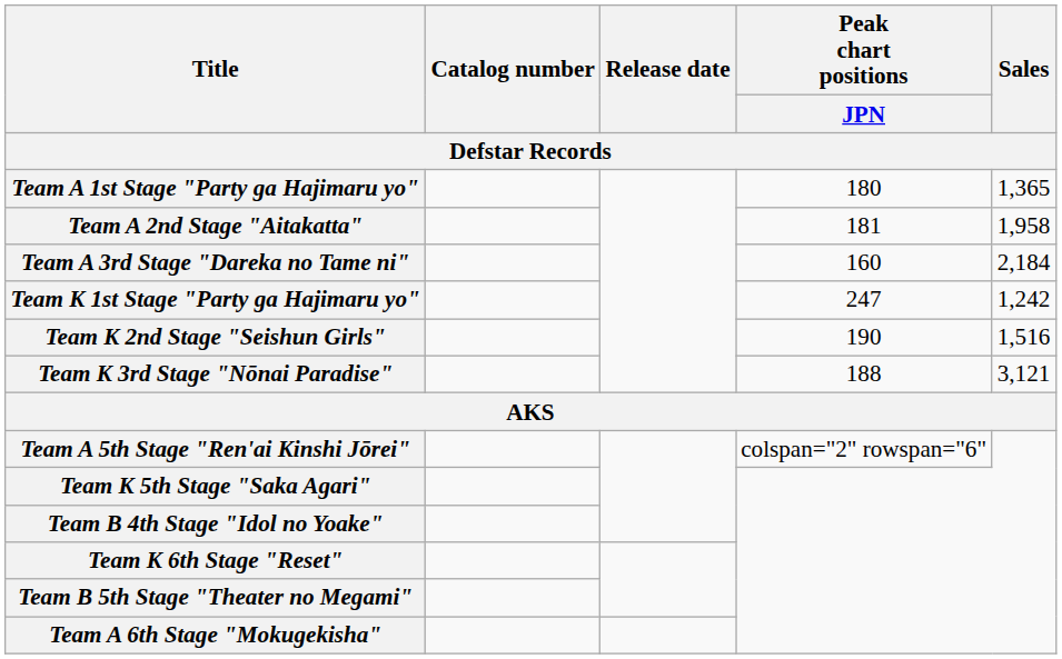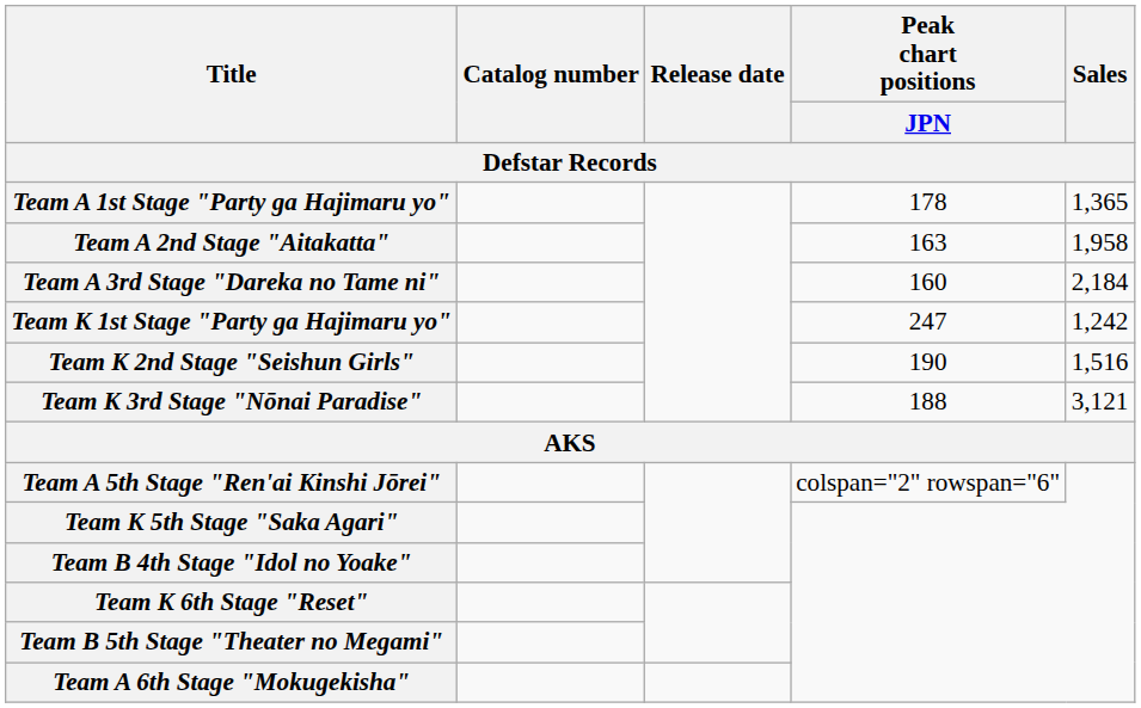 <table class="wikitable plainrowheaders" style="text-align:center;">
 <tr>
 <th rowspan="2">Title</th>
 <th rowspan="2">Catalog number</th>
 <th rowspan="2">Release date</th>
 <th>Peak<br>chart<br>positions</th>
 <th rowspan="2">Sales</th>
 </tr>
 <tr>
 <th><a href='#'>JPN</a></th>
 </tr>
 <tr>
 <th colspan="5">Defstar Records</th>
 </tr>
 <tr>
 <th scope="row"><em>Team A 1st Stage "Party ga Hajimaru yo"</em><br></th>
 <td></td>
 <td rowspan="6"></td>
-<td>180</td>
+<td>178</td>
 <td style="text-align:right;">1,365</td>
 </tr>
 <tr>
 <th scope="row"><em>Team A 2nd Stage "Aitakatta"</em><br></th>
 <td></td>
-<td>181</td>
+<td>163</td>
 <td style="text-align:right;">1,958</td>
 </tr>
 <tr>
 <th scope="row"><em>Team A 3rd Stage "Dareka no Tame ni"</em><br></th>
 <td></td>
 <td>160</td>
 <td style="text-align:right;">2,184</td>
 </tr>
 <tr>
 <th scope="row"><em>Team K 1st Stage "Party ga Hajimaru yo"</em><br></th>
 <td></td>
 <td>247</td>
 <td style="text-align:right;">1,242</td>
 </tr>
 <tr>
 <th scope="row"><em>Team K 2nd Stage "Seishun Girls"</em><br></th>
 <td></td>
 <td>190</td>
 <td style="text-align:right;">1,516</td>
 </tr>
 <tr>
 <th scope="row"><em>Team K 3rd Stage "Nōnai Paradise"</em><br></th>
 <td></td>
 <td>188</td>
 <td style="text-align:right;">3,121</td>
 </tr>
 <tr>
 <th colspan="5">AKS</th>
 </tr>
 <tr>
 <th scope="row"><em>Team A 5th Stage "Ren'ai Kinshi Jōrei"</em><br></th>
 <td></td>
 <td rowspan="3"></td>
 <td>colspan="2" rowspan="6" </td>
 </tr>
 <tr>
 <th scope="row"><em>Team K 5th Stage "Saka Agari"</em><br></th>
 <td></td>
 </tr>
 <tr>
 <th scope="row"><em>Team B 4th Stage "Idol no Yoake"</em><br></th>
 <td></td>
 </tr>
 <tr>
 <th scope="row"><em>Team K 6th Stage "Reset"</em><br></th>
 <td></td>
 <td rowspan="2"></td>
 </tr>
 <tr>
 <th scope="row"><em>Team B 5th Stage "Theater no Megami"</em><br></th>
 <td></td>
 </tr>
 <tr>
 <th scope="row"><em>Team A 6th Stage "Mokugekisha"</em><br></th>
 <td></td>
 <td></td>
 </tr>
 </table>
